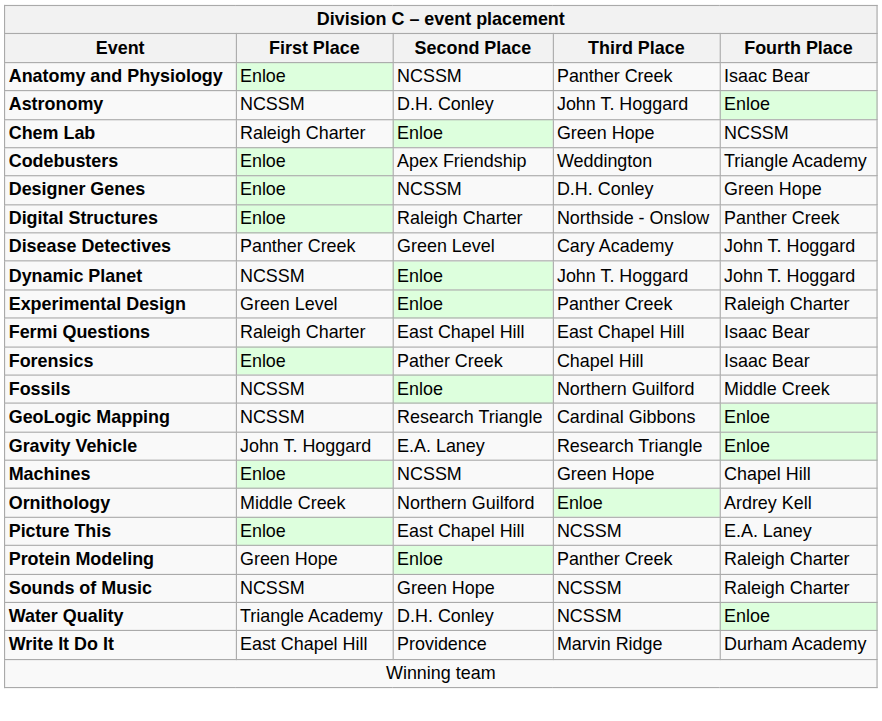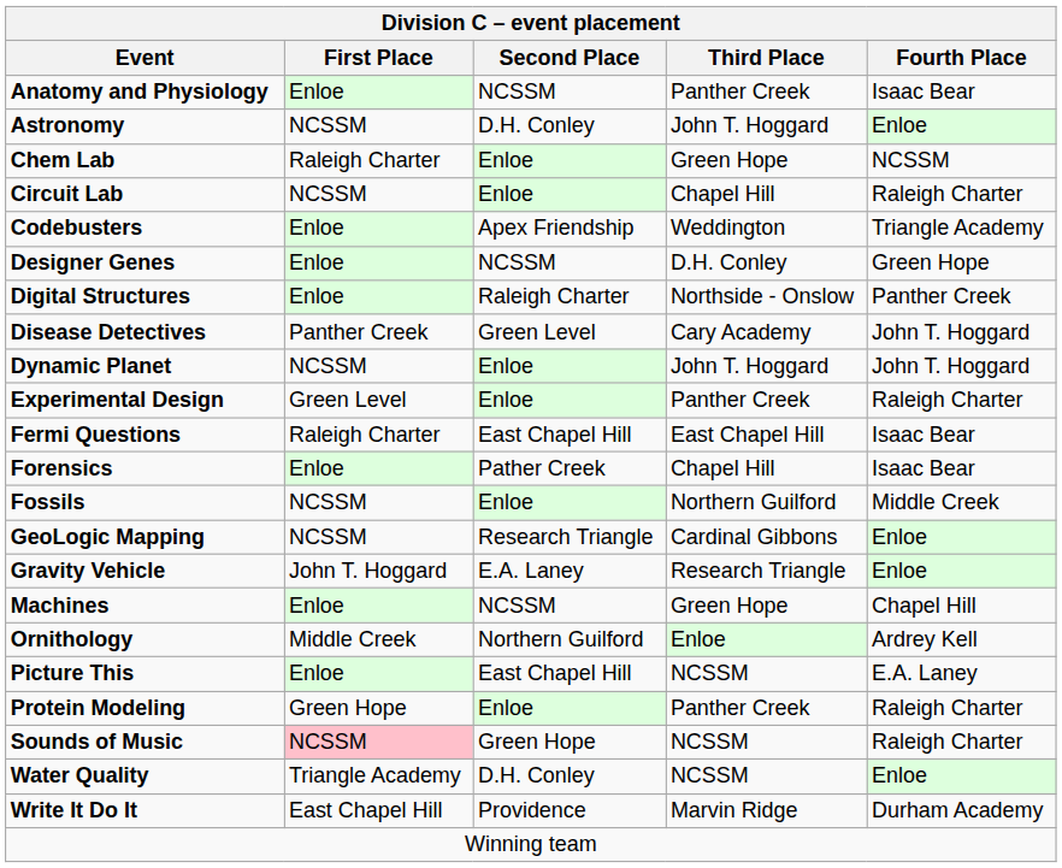 <table class="wikitable collapsible collapsed" style="float:left; width:780px">
 <tr>
 <th colspan=5>Division C – event placement</th>
 </tr>
 <tr>
 <th>Event</th>
 <th>First Place</th>
 <th>Second Place</th>
 <th>Third Place</th>
 <th>Fourth Place</th>
 </tr>
 <tr>
 <td><strong>Anatomy and Physiology</strong></td>
 <td style="background:#ddffdd">Enloe</td>
 <td>NCSSM</td>
 <td>Panther Creek</td>
 <td>Isaac Bear</td>
 </tr>
 <tr>
 <td><strong>Astronomy</strong></td>
 <td>NCSSM</td>
 <td>D.H. Conley</td>
 <td>John T. Hoggard</td>
 <td style="background:#ddffdd">Enloe</td>
 </tr>
 <tr>
 <td><strong>Chem Lab</strong></td>
 <td>Raleigh Charter</td>
 <td style="background:#ddffdd">Enloe</td>
 <td>Green Hope</td>
 <td>NCSSM</td>
+</tr>
+<tr>
+<td><strong>Circuit Lab</strong></td>
+<td>NCSSM</td>
+<td style="background:#ddffdd">Enloe</td>
+<td>Chapel Hill</td>
+<td>Raleigh Charter</td>
 </tr>
 <tr>
 <td><strong>Codebusters</strong></td>
 <td style="background:#ddffdd">Enloe</td>
 <td>Apex Friendship</td>
 <td>Weddington</td>
 <td>Triangle Academy</td>
 </tr>
 <tr>
 <td><strong>Designer Genes</strong></td>
 <td style="background:#ddffdd">Enloe</td>
 <td>NCSSM</td>
 <td>D.H. Conley</td>
 <td>Green Hope</td>
 </tr>
 <tr>
 <td><strong>Digital Structures</strong></td>
 <td style="background:#ddffdd">Enloe</td>
 <td>Raleigh Charter</td>
 <td>Northside - Onslow</td>
 <td>Panther Creek</td>
 </tr>
 <tr>
 <td><strong>Disease Detectives</strong></td>
 <td>Panther Creek</td>
 <td>Green Level</td>
 <td>Cary Academy</td>
 <td>John T. Hoggard</td>
 </tr>
 <tr>
 <td><strong>Dynamic Planet</strong></td>
 <td>NCSSM</td>
 <td style="background:#ddffdd">Enloe</td>
 <td>John T. Hoggard</td>
 <td>John T. Hoggard</td>
 </tr>
 <tr>
 <td><strong>Experimental Design</strong></td>
 <td>Green Level</td>
 <td style="background:#ddffdd">Enloe</td>
 <td>Panther Creek</td>
 <td>Raleigh Charter</td>
 </tr>
 <tr>
 <td><strong>Fermi Questions</strong></td>
 <td>Raleigh Charter</td>
 <td>East Chapel Hill</td>
 <td>East Chapel Hill</td>
 <td>Isaac Bear</td>
 </tr>
 <tr>
 <td><strong>Forensics</strong></td>
 <td style="background:#ddffdd">Enloe</td>
 <td>Pather Creek</td>
 <td>Chapel Hill</td>
 <td>Isaac Bear</td>
 </tr>
 <tr>
 <td><strong>Fossils</strong></td>
 <td>NCSSM</td>
 <td style="background:#ddffdd">Enloe</td>
 <td>Northern Guilford</td>
 <td>Middle Creek</td>
 </tr>
 <tr>
 <td><strong>GeoLogic Mapping</strong></td>
 <td>NCSSM</td>
 <td>Research Triangle</td>
 <td>Cardinal Gibbons</td>
 <td style="background:#ddffdd">Enloe</td>
 </tr>
 <tr>
 <td><strong>Gravity Vehicle</strong></td>
 <td>John T. Hoggard</td>
 <td>E.A. Laney</td>
 <td>Research Triangle</td>
 <td style="background:#ddffdd">Enloe</td>
 </tr>
 <tr>
 <td><strong>Machines</strong></td>
 <td style="background:#ddffdd">Enloe</td>
 <td>NCSSM</td>
 <td>Green Hope</td>
 <td>Chapel Hill</td>
 </tr>
 <tr>
 <td><strong>Ornithology</strong></td>
 <td>Middle Creek</td>
 <td>Northern Guilford</td>
 <td style="background:#ddffdd">Enloe</td>
 <td>Ardrey Kell</td>
 </tr>
 <tr>
 <td><strong>Picture This</strong></td>
 <td style="background:#ddffdd">Enloe</td>
 <td>East Chapel Hill</td>
 <td>NCSSM</td>
 <td>E.A. Laney</td>
 </tr>
 <tr>
 <td><strong>Protein Modeling</strong></td>
 <td>Green Hope</td>
 <td style="background:#ddffdd">Enloe</td>
 <td>Panther Creek</td>
 <td>Raleigh Charter</td>
 </tr>
 <tr>
 <td><strong>Sounds of Music</strong></td>
-<td>NCSSM</td>
+<td style="background: pink;">NCSSM</td>
 <td>Green Hope</td>
 <td>NCSSM</td>
 <td>Raleigh Charter</td>
 </tr>
 <tr>
 <td><strong>Water Quality</strong></td>
 <td>Triangle Academy</td>
 <td>D.H. Conley</td>
 <td>NCSSM</td>
 <td style="background:#ddffdd">Enloe</td>
 </tr>
 <tr>
 <td><strong>Write It Do It</strong></td>
 <td>East Chapel Hill</td>
 <td>Providence</td>
 <td>Marvin Ridge</td>
 <td>Durham Academy</td>
 </tr>
 <tr>
 <td colspan=5 style=text-align:center> Winning team</td>
 </tr>
 </table>
